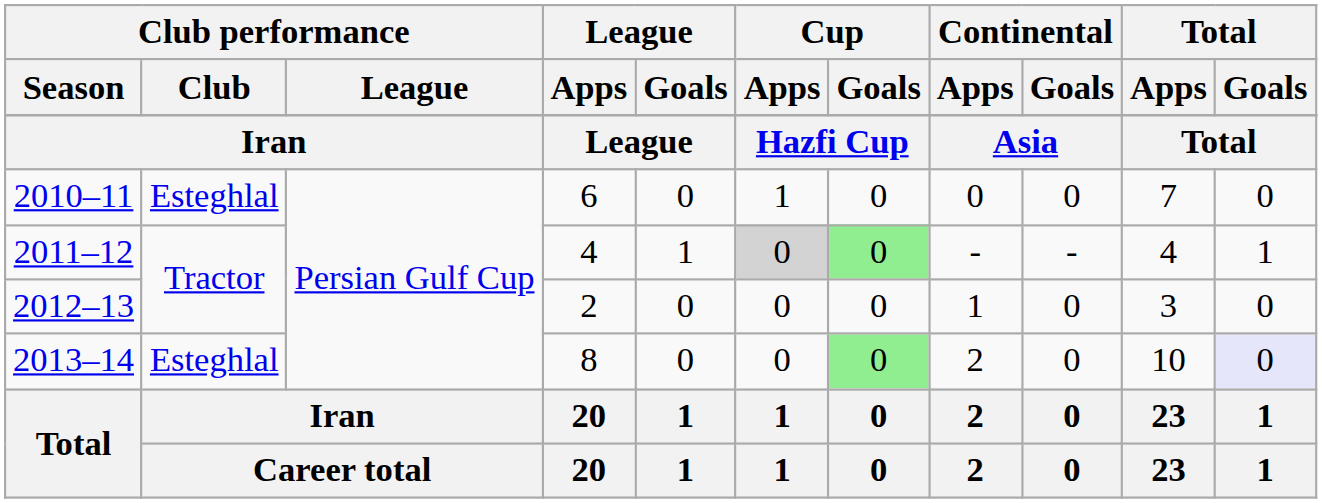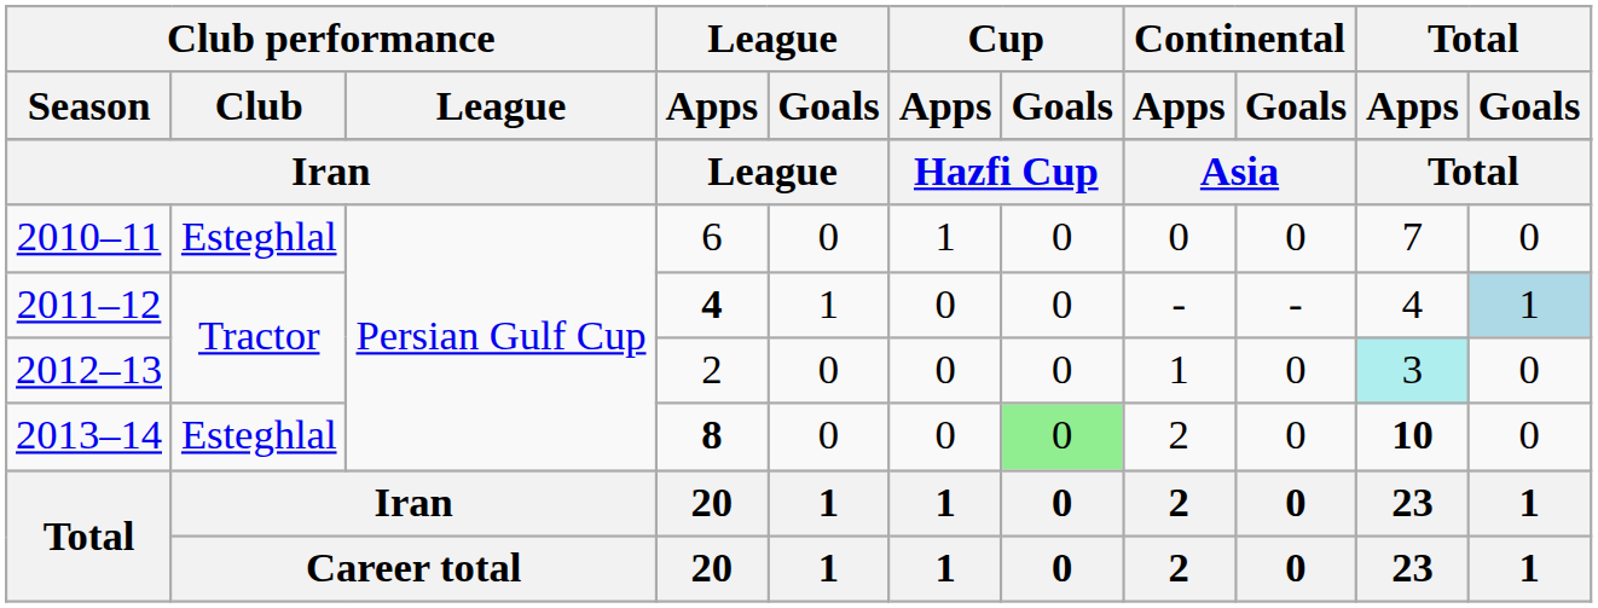 <table class="wikitable" style="text-align:center">
 <tr>
 <th colspan=3>Club performance</th>
 <th colspan=2>League</th>
 <th colspan=2>Cup</th>
 <th colspan=2>Continental</th>
 <th colspan=2>Total</th>
 </tr>
 <tr>
 <th>Season</th>
 <th>Club</th>
 <th>League</th>
 <th>Apps</th>
 <th>Goals</th>
 <th>Apps</th>
 <th>Goals</th>
 <th>Apps</th>
 <th>Goals</th>
 <th>Apps</th>
 <th>Goals</th>
 </tr>
 <tr>
 </tr>
 <tr>
 <th colspan=3>Iran</th>
 <th colspan=2>League</th>
 <th colspan=2><a href='#'>Hazfi Cup</a></th>
 <th colspan=2><a href='#'>Asia</a></th>
 <th colspan=2>Total</th>
 </tr>
 <tr>
 <td><a href='#'>2010–11</a></td>
 <td rowspan="1"><a href='#'>Esteghlal</a></td>
 <td rowspan="4"><a href='#'>Persian Gulf Cup</a></td>
 <td>6</td>
 <td>0</td>
 <td>1</td>
 <td>0</td>
 <td>0</td>
 <td>0</td>
 <td>7</td>
 <td>0</td>
 </tr>
 <tr>
 <td><a href='#'>2011–12</a></td>
 <td rowspan="2"><a href='#'>Tractor</a></td>
-<td>4</td>
+<td><strong>4</strong></td>
 <td>1</td>
-<td style="background: lightgrey;">0</td>
-<td style="background: lightgreen;">0</td>
+<td>0</td>
+<td>0</td>
 <td>-</td>
 <td>-</td>
 <td>4</td>
-<td>1</td>
+<td style="background: lightblue;">1</td>
 </tr>
 <tr>
 <td><a href='#'>2012–13</a></td>
 <td>2</td>
 <td>0</td>
 <td>0</td>
 <td>0</td>
 <td>1</td>
 <td>0</td>
-<td>3</td>
+<td style="background: paleturquoise;">3</td>
 <td>0</td>
 </tr>
 <tr>
 <td><a href='#'>2013–14</a></td>
 <td rowspan="1"><a href='#'>Esteghlal</a></td>
-<td>8</td>
+<td><strong>8</strong></td>
 <td>0</td>
 <td>0</td>
 <td style="background: lightgreen;">0</td>
 <td>2</td>
 <td>0</td>
-<td>10</td>
-<td style="background: lavender;">0</td>
+<td><strong>10</strong></td>
+<td>0</td>
 </tr>
 <tr>
 <th rowspan=2>Total</th>
 <th colspan=2>Iran</th>
 <th>20</th>
 <th>1</th>
 <th>1</th>
 <th>0</th>
 <th>2</th>
 <th>0</th>
 <th>23</th>
 <th>1</th>
 </tr>
 <tr>
 <th colspan=2>Career total</th>
 <th>20</th>
 <th>1</th>
 <th>1</th>
 <th>0</th>
 <th>2</th>
 <th>0</th>
 <th>23</th>
 <th>1</th>
 </tr>
 </table>
